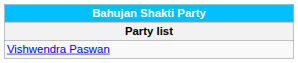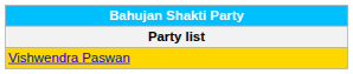 <table class="wikitable mw-collapsible mw-collapsed" role="presentation">
 <tr>
 <th style="width: 300pt; background:deepskyblue; color: white;">Bahujan Shakti Party</th>
 </tr>
 <tr>
 <th>Party list</th>
 </tr>
 <tr>
-<td><a href='#'>Vishwendra Paswan</a></td>
+<td style="background: gold;"><a href='#'>Vishwendra Paswan</a></td>
 </tr>
 </table>
